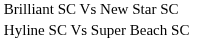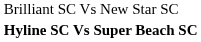 <table>
 <tr>
 <td>Brilliant SC Vs New Star SC</td>
 </tr>
 <tr>
-<td>Hyline SC Vs Super Beach SC</td>
+<td><strong>Hyline SC Vs Super Beach SC</strong></td>
 </tr>
 </table>
